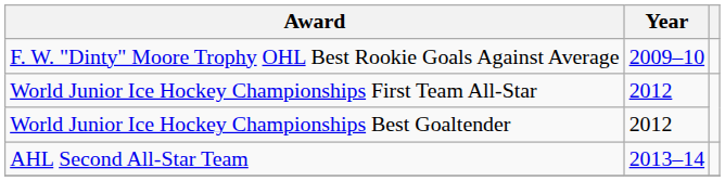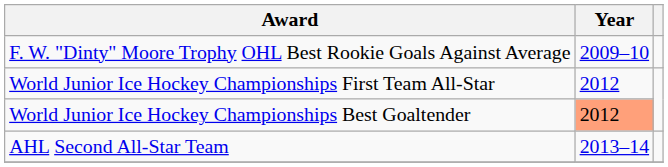 <table class="wikitable">
 <tr>
 <th>Award</th>
 <th>Year</th>
 <th></th>
 </tr>
 <tr>
 <td><a href='#'>F. W. "Dinty" Moore Trophy</a> <a href='#'>OHL</a> Best Rookie Goals Against Average</td>
 <td><a href='#'>2009–10</a></td>
 <td></td>
 </tr>
 <tr>
 <td><a href='#'>World Junior Ice Hockey Championships</a> First Team All-Star</td>
 <td><a href='#'>2012</a></td>
 <td rowspan="2"></td>
 </tr>
 <tr>
 <td><a href='#'>World Junior Ice Hockey Championships</a> Best Goaltender</td>
-<td>2012</td>
+<td style="background: lightsalmon;">2012</td>
 </tr>
 <tr>
 <td><a href='#'>AHL</a> <a href='#'>Second All-Star Team</a></td>
 <td><a href='#'>2013–14</a></td>
 <td></td>
 </tr>
 <tr>
 </tr>
 </table>
